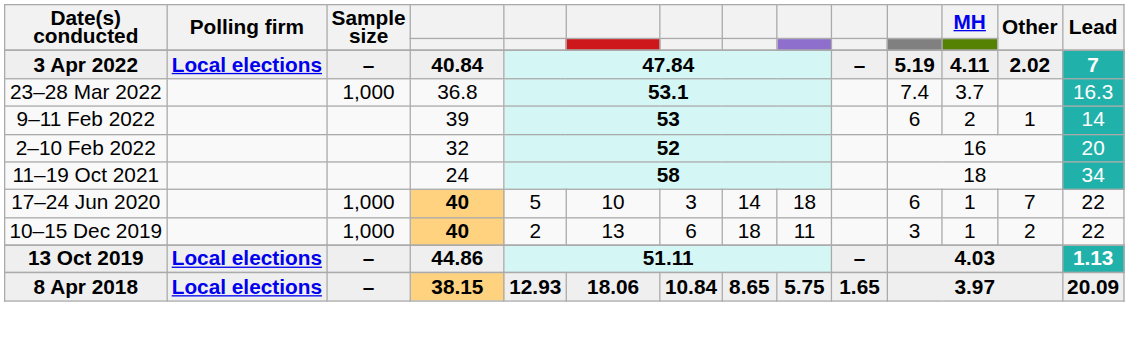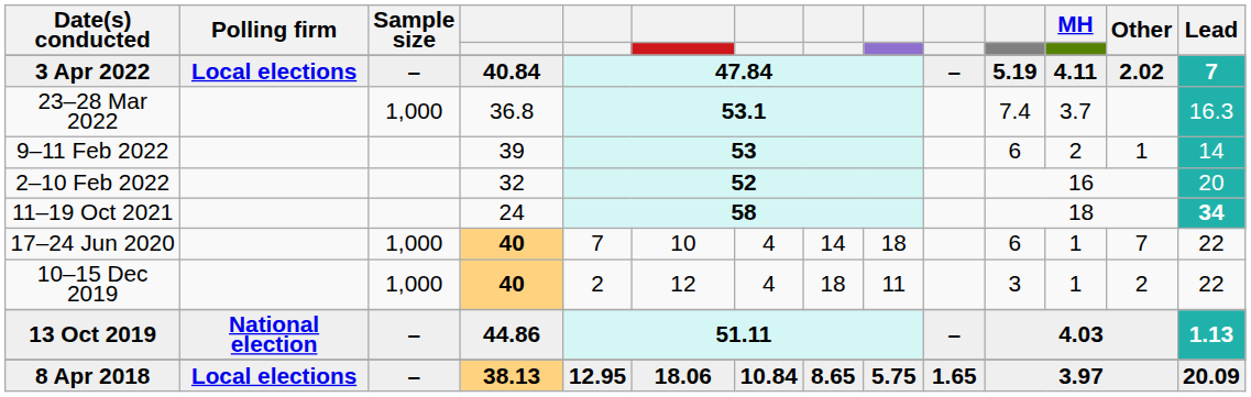 <table class="wikitable sortable" style="text-align:center;font-size:90;line-height:14px;">
 <tr>
 <th rowspan="2">Date(s)<br>conducted</th>
 <th rowspan="2">Polling firm</th>
 <th rowspan="2" data-sort-type="number">Sample<br>size</th>
 <th style="width:65px;"></th>
 <th style="width:35px;"></th>
 <th style="width:65px;"> </th>
 <th style="width:35px;"></th>
 <th style="width:35px;"></th>
 <th style="width:35px;"></th>
 <th style="width:35px;"></th>
 <th style="width:35px;"></th>
 <th style="width:35px;"><a href='#'>MH</a></th>
 <th style="width:40px; class="unsortable" " rowspan="2">Other</th>
 <th rowspan="2">Lead</th>
 </tr>
 <tr>
 <th style="color:inherit;background:"></th>
 <th style="color:inherit;background:"></th>
 <th style="color:inherit;background:#CE171B;"></th>
 <th style="color:inherit;background:"></th>
 <th style="color:inherit;background:"></th>
 <th style="color:inherit;background:#8e6fce;"></th>
 <th style="color:inherit;background:"></th>
 <th style="color:inherit;background:#808080;"></th>
 <th style="color:inherit;background:#568203;"></th>
 </tr>
 <tr>
 </tr>
 <tr style="background:#EFEFEF; font-weight:bold;">
 <td>3 Apr 2022</td>
 <td><a href='#'>Local elections</a></td>
 <td>–</td>
 <td>40.84</td>
 <td colspan="5" style="background:#D4F7F6">47.84</td>
 <td>–</td>
 <td>5.19</td>
 <td>4.11</td>
 <td>2.02</td>
 <td style="background:#20B2AA; color:white;">7</td>
 </tr>
 <tr>
 <td data-sort-value="2022-03-28">23–28 Mar 2022</td>
 <td></td>
 <td>1,000</td>
 <td>36.8</td>
 <td colspan="5" style="background:#D4F7F6"><strong>53.1</strong></td>
 <td></td>
 <td>7.4</td>
 <td>3.7</td>
 <td></td>
 <td style="background:#20B2AA; color:white;">16.3</td>
 </tr>
 <tr>
 <td data-sort-value="2022-02-11">9–11 Feb 2022</td>
 <td></td>
 <td></td>
 <td>39</td>
 <td colspan="5" style="background:#D4F7F6"><strong>53</strong></td>
 <td></td>
 <td>6</td>
 <td>2</td>
 <td>1</td>
 <td style="background:#20B2AA; color:white;">14</td>
 </tr>
 <tr>
 <td data-sort-value="2022-02-10">2–10 Feb 2022</td>
 <td></td>
 <td></td>
 <td>32</td>
 <td colspan="5" style="background:#D4F7F6"><strong>52</strong></td>
 <td></td>
 <td colspan="3">16</td>
 <td style="background:#20B2AA; color:white;">20</td>
 </tr>
 <tr>
 <td data-sort-value="2021-10-19">11–19 Oct 2021</td>
 <td></td>
 <td></td>
 <td>24</td>
 <td colspan="5" style="background:#D4F7F6"><strong>58</strong></td>
 <td></td>
 <td colspan="3">18</td>
-<td style="background:#20B2AA; color:white;">34</td>
+<td style="background:#20B2AA; color:white;"><strong>34</strong></td>
 </tr>
 <tr>
 <td data-sort-value="2020-06-24">17–24 Jun 2020</td>
 <td></td>
 <td>1,000</td>
 <td style="background:#ffd27f"><strong>40</strong></td>
-<td>5</td>
+<td>7</td>
 <td>10</td>
-<td>3</td>
+<td>4</td>
 <td>14</td>
 <td>18</td>
 <td></td>
 <td>6</td>
 <td>1</td>
 <td>7</td>
 <td style="background:">22</td>
 </tr>
 <tr>
 <td data-sort-value="2019-12-15">10–15 Dec 2019</td>
 <td></td>
 <td>1,000</td>
 <td style="background:#ffd27f;"><strong>40</strong></td>
 <td>2</td>
-<td>13</td>
-<td>6</td>
+<td>12</td>
+<td>4</td>
 <td>18</td>
 <td>11</td>
 <td></td>
 <td>3</td>
 <td>1</td>
 <td>2</td>
 <td style="background:">22</td>
 </tr>
 <tr>
 </tr>
 <tr style="background:#EFEFEF; font-weight:bold;">
 <td data-sort-value="2019-10-13">13 Oct 2019</td>
-<td><a href='#'>Local elections</a></td>
+<td><a href='#'>National election</a></td>
 <td>–</td>
 <td>44.86</td>
 <td colspan="5" style="background:#D4F7F6">51.11</td>
 <td>–</td>
 <td colspan="3">4.03</td>
 <td style="background:#20B2AA; color:white;">1.13</td>
 </tr>
 <tr>
 </tr>
 <tr style="background:#EFEFEF; font-weight:bold;">
 <td data-sort-value="2018-04-08">8 Apr 2018</td>
 <td><a href='#'>Local elections</a></td>
 <td>–</td>
-<td style="background:#ffd27f;">38.15</td>
-<td>12.93</td>
+<td style="background:#ffd27f;">38.13</td>
+<td>12.95</td>
 <td>18.06</td>
 <td>10.84</td>
 <td>8.65</td>
 <td>5.75</td>
 <td>1.65</td>
 <td colspan="3">3.97</td>
 <td style="background:">20.09</td>
 </tr>
 </table>
